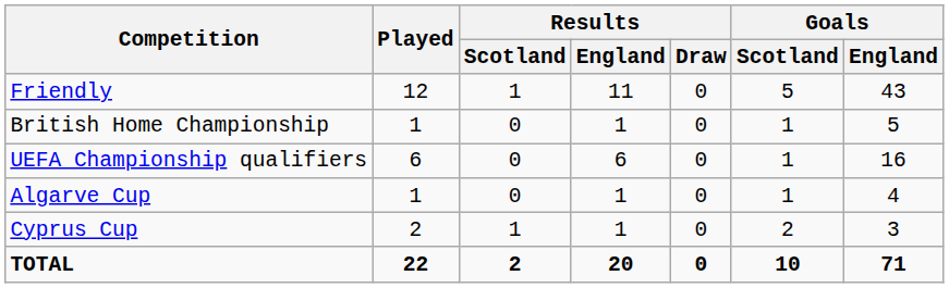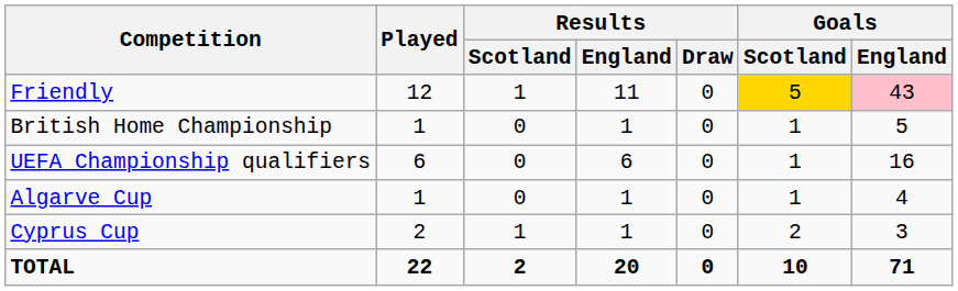 <table class="wikitable" style="text-align: center">
 <tr>
 <th rowspan="2">Competition</th>
 <th rowspan="2">Played</th>
 <th colspan="3">Results</th>
 <th colspan="2">Goals</th>
 </tr>
 <tr>
 <th>Scotland</th>
 <th>England</th>
 <th>Draw</th>
 <th>Scotland</th>
 <th>England</th>
 </tr>
 <tr>
 <td align=left><a href='#'>Friendly</a></td>
 <td>12</td>
 <td>1</td>
 <td>11</td>
 <td>0</td>
-<td>5</td>
-<td>43</td>
+<td style="background: gold;">5</td>
+<td style="background: pink;">43</td>
 </tr>
 <tr>
 <td align=left>British Home Championship</td>
 <td>1</td>
 <td>0</td>
 <td>1</td>
 <td>0</td>
 <td>1</td>
 <td>5</td>
 </tr>
 <tr>
 <td align=left><a href='#'>UEFA Championship</a> qualifiers</td>
 <td>6</td>
 <td>0</td>
 <td>6</td>
 <td>0</td>
 <td>1</td>
 <td>16</td>
 </tr>
 <tr>
 <td align=left><a href='#'>Algarve Cup</a></td>
 <td>1</td>
 <td>0</td>
 <td>1</td>
 <td>0</td>
 <td>1</td>
 <td>4</td>
 </tr>
 <tr>
 <td align=left><a href='#'>Cyprus Cup</a></td>
 <td>2</td>
 <td>1</td>
 <td>1</td>
 <td>0</td>
 <td>2</td>
 <td>3</td>
 </tr>
 <tr>
 <td align=left><strong>TOTAL</strong></td>
 <td><strong>22</strong></td>
 <td><strong>2</strong></td>
 <td><strong>20</strong></td>
 <td><strong>0</strong></td>
 <td><strong>10</strong></td>
 <td><strong>71</strong></td>
 </tr>
 </table>
